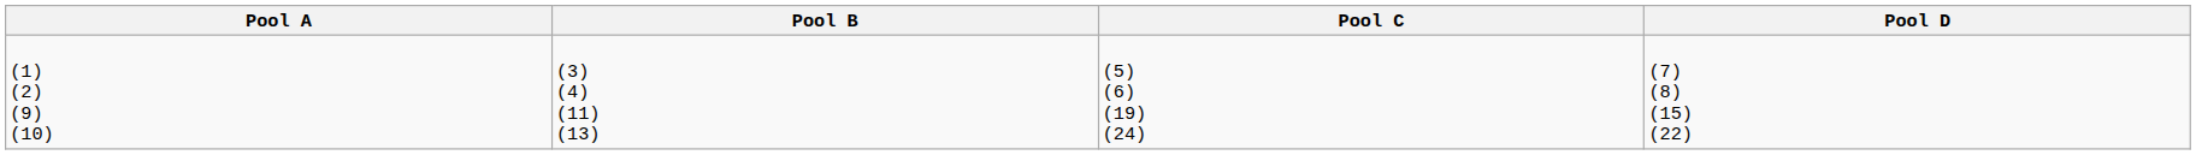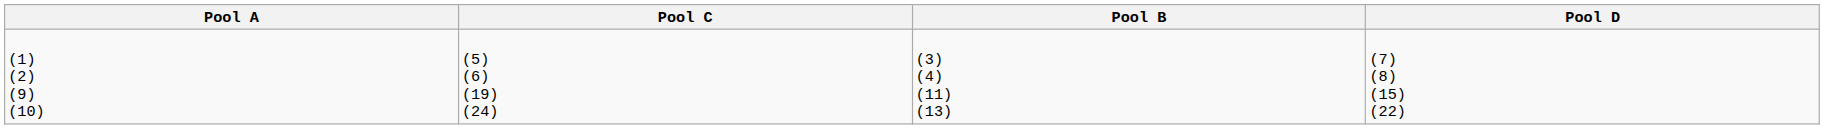 <table class="wikitable" width=98%>
 <tr>
 <th width=25%><strong>Pool A</strong></th>
+<th width=25%><strong>Pool C</strong></th>
 <th width=25%><strong>Pool B</strong></th>
-<th width=25%><strong>Pool C</strong></th>
 <th width=25%><strong>Pool D</strong></th>
 </tr>
 <tr>
 <td><br> (1) <br>  (2) <br>  (9) <br>  (10)</td>
+<td><br> (5) <br>   (6) <br>   (19) <br>   (24)</td>
 <td><br> (3) <br>  (4) <br>  (11)<br>  (13)</td>
-<td><br> (5) <br>   (6) <br>   (19) <br>   (24)</td>
 <td><br> (7) <br>  (8) <br>  (15) <br>  (22)</td>
 </tr>
 </table>
